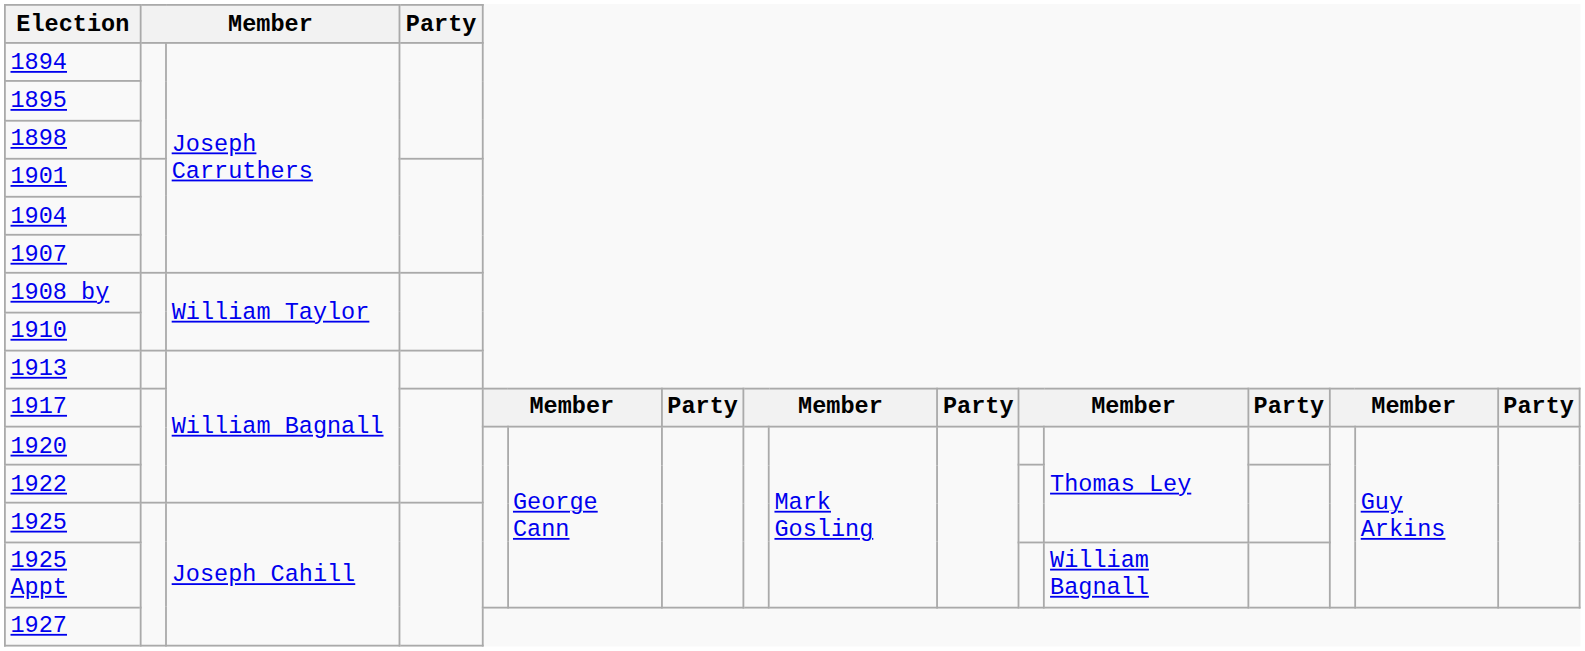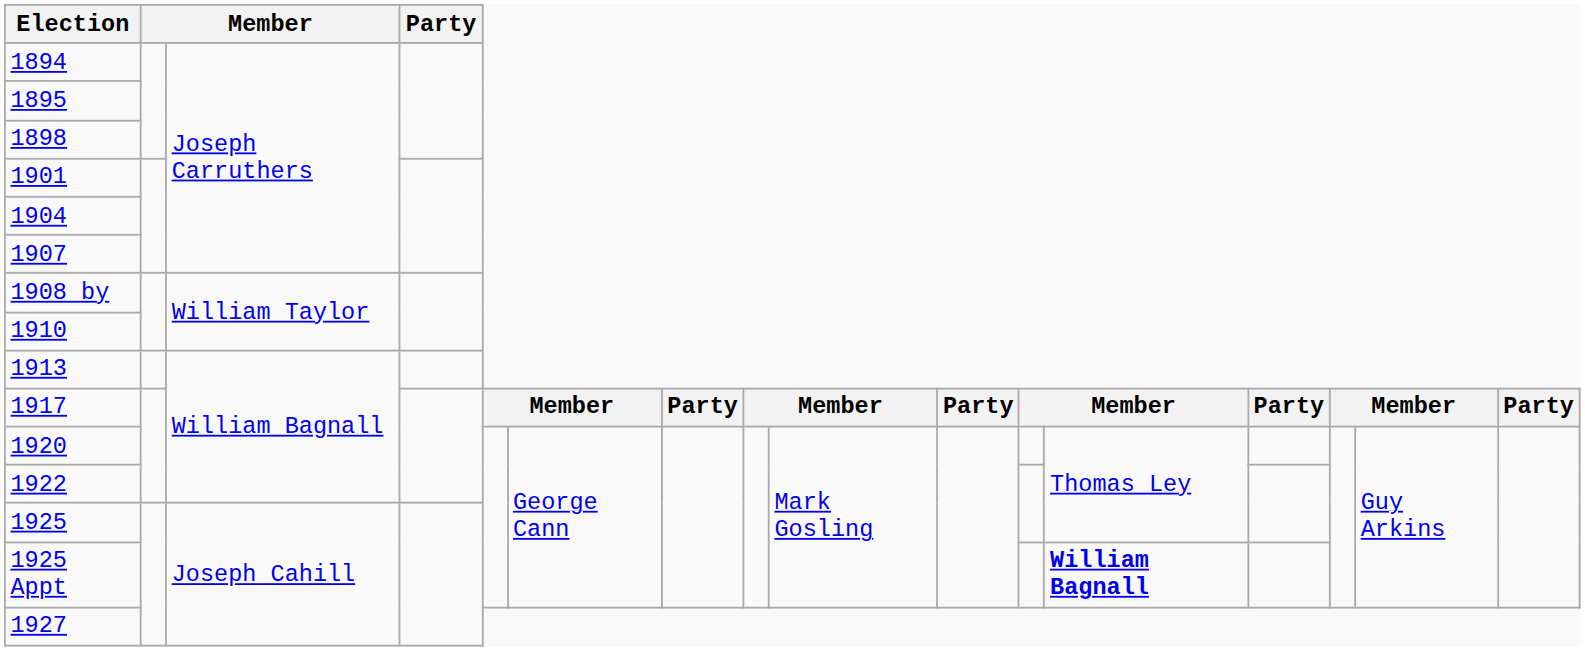 <table class="wikitable" style='border-style: none none none solid;'>
 <tr>
 <th>Election</th>
 <th colspan="2">Member</th>
 <th>Party</th>
 </tr>
 <tr style="background: #f9f9f9">
 <td><a href='#'>1894</a></td>
 <td rowspan="3" > </td>
 <td rowspan="6"><a href='#'>Joseph Carruthers</a></td>
 <td rowspan="3"></td>
 </tr>
 <tr style="background: #f9f9f9">
 <td><a href='#'>1895</a></td>
 </tr>
 <tr style="background: #f9f9f9">
 <td><a href='#'>1898</a></td>
 </tr>
 <tr style="background: #f9f9f9">
 <td><a href='#'>1901</a></td>
 <td rowspan="3" > </td>
 <td rowspan="3"></td>
 </tr>
 <tr style="background: #f9f9f9">
 <td><a href='#'>1904</a></td>
 </tr>
 <tr style="background: #f9f9f9">
 <td><a href='#'>1907</a></td>
 </tr>
 <tr style="background: #f9f9f9">
 <td><a href='#'>1908 by</a></td>
 <td rowspan="2" > </td>
 <td rowspan="2"><a href='#'>William Taylor</a></td>
 <td rowspan="2"></td>
 </tr>
 <tr style="background: #f9f9f9">
 <td><a href='#'>1910</a></td>
 </tr>
 <tr style="background: #f9f9f9">
 <td><a href='#'>1913</a></td>
 <td> </td>
 <td rowspan="4"><a href='#'>William Bagnall</a></td>
 <td></td>
 </tr>
 <tr style="background: #f9f9f9">
 <td><a href='#'>1917</a></td>
 <td rowspan="3" > </td>
 <td rowspan="3"></td>
 <th colspan="2">Member</th>
 <th>Party</th>
 <th colspan="2">Member</th>
 <th>Party</th>
 <th colspan="2">Member</th>
 <th>Party</th>
 <th colspan="2">Member</th>
 <th>Party</th>
 </tr>
 <tr style="background: #f9f9f9">
 <td><a href='#'>1920</a></td>
 <td rowspan="4" > </td>
 <td rowspan="4"><a href='#'>George Cann</a></td>
 <td rowspan="4"></td>
 <td rowspan="4" > </td>
 <td rowspan="4"><a href='#'>Mark Gosling</a></td>
 <td rowspan="4"></td>
 <td> </td>
 <td rowspan="3"><a href='#'>Thomas Ley</a></td>
 <td></td>
 <td rowspan="4" > </td>
 <td rowspan="4"><a href='#'>Guy Arkins</a></td>
 <td rowspan="4"></td>
 </tr>
 <tr style="background: #f9f9f9">
 <td><a href='#'>1922</a></td>
 <td rowspan="2" > </td>
 <td rowspan="2"></td>
 </tr>
 <tr style="background: #f9f9f9">
 <td><a href='#'>1925</a></td>
 <td rowspan="3" ><br> </td>
 <td rowspan="3"><a href='#'>Joseph Cahill</a></td>
 <td rowspan="3"></td>
 </tr>
 <tr style="background: #f9f9f9">
 <td><a href='#'>1925 Appt</a></td>
 <td> </td>
-<td><a href='#'>William Bagnall</a></td>
+<td><strong><a href='#'>William Bagnall</a></strong></td>
 <td></td>
 </tr>
 <tr style="background: #f9f9f9">
 <td><a href='#'>1927</a></td>
 </tr>
 </table>
